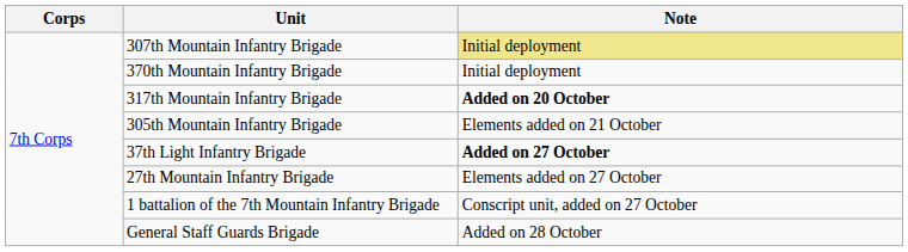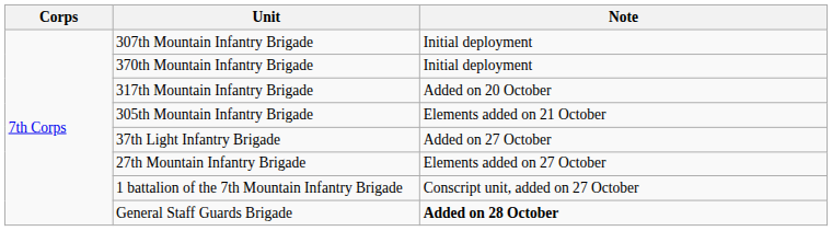 <table class="plainrowheaders wikitable collapsible collapsed" style="cellspacing=2px; text-align:left; font-size:90%;" width=800px>
 <tr style="font-size:100%; text-align:right;">
 <th style="width:100px;" scope="col">Corps</th>
 <th style="width:300px;" scope="col">Unit</th>
 <th style="width:400px;" scope="col">Note</th>
 </tr>
 <tr>
 <td rowspan=8><a href='#'>7th Corps</a></td>
 <td>307th Mountain Infantry Brigade</td>
-<td style="background: khaki;">Initial deployment</td>
+<td>Initial deployment</td>
 </tr>
 <tr>
 <td>370th Mountain Infantry Brigade</td>
 <td>Initial deployment</td>
 </tr>
 <tr>
 <td>317th Mountain Infantry Brigade</td>
-<td><strong>Added on 20 October</strong></td>
+<td>Added on 20 October</td>
 </tr>
 <tr>
 <td>305th Mountain Infantry Brigade</td>
 <td>Elements added on 21 October</td>
 </tr>
 <tr>
 <td>37th Light Infantry Brigade</td>
-<td><strong>Added on 27 October</strong></td>
+<td>Added on 27 October</td>
 </tr>
 <tr>
 <td>27th Mountain Infantry Brigade</td>
 <td>Elements added on 27 October</td>
 </tr>
 <tr>
 <td>1 battalion of the 7th Mountain Infantry Brigade</td>
 <td>Conscript unit, added on 27 October</td>
 </tr>
 <tr>
 <td>General Staff Guards Brigade</td>
-<td>Added on 28 October</td>
+<td><strong>Added on 28 October</strong></td>
 </tr>
 </table>
